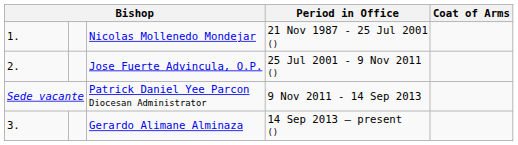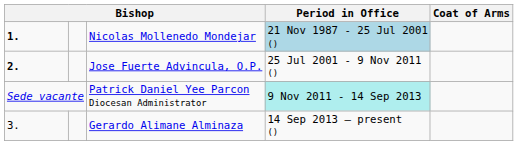 <table class="wikitable">
 <tr>
 <th colspan=3>Bishop</th>
 <th>Period in Office</th>
 <th>Coat of Arms</th>
 </tr>
 <tr>
-<td>1.</td>
+<td><strong>1.</strong></td>
 <td></td>
 <td><a href='#'>Nicolas Mollenedo Mondejar</a></td>
-<td>21 Nov 1987 - 25 Jul 2001 <br><small>()</small></td>
+<td style="background: lightblue;">21 Nov 1987 - 25 Jul 2001 <br><small>()</small></td>
 <td></td>
 </tr>
 <tr>
-<td>2.</td>
+<td><strong>2.</strong></td>
 <td></td>
 <td><a href='#'>Jose Fuerte Advincula, O.P.</a></td>
 <td>25 Jul 2001 - 9 Nov 2011 <br><small>()</small></td>
 <td></td>
 </tr>
 <tr>
 <td colspan="2"><em><a href='#'>Sede vacante</a></em></td>
 <td><a href='#'>Patrick Daniel Yee Parcon</a><br><small>Diocesan Administrator</small></td>
-<td>9 Nov 2011 - 14 Sep 2013</td>
+<td style="background: paleturquoise;">9 Nov 2011 - 14 Sep 2013</td>
 </tr>
 <tr>
 <td>3.</td>
 <td></td>
 <td><a href='#'>Gerardo Alimane Alminaza</a></td>
 <td>14 Sep 2013 – present <br><small>()</small></td>
 <td></td>
 </tr>
 </table>
